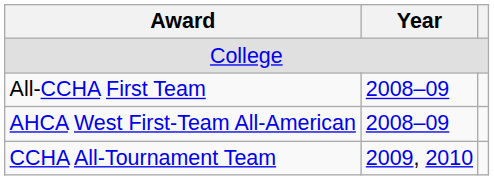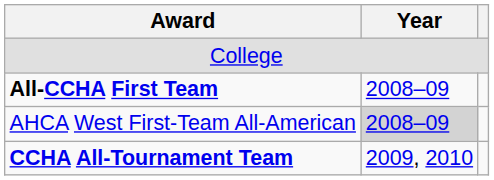 <table class="wikitable">
 <tr>
 <th>Award</th>
 <th>Year</th>
 <th></th>
 </tr>
 <tr ALIGN="center" bgcolor="#e0e0e0">
 <td colspan="3"><a href='#'>College</a></td>
 </tr>
 <tr>
-<td>All-<a href='#'>CCHA</a> <a href='#'>First Team</a></td>
+<td><strong>All-<a href='#'>CCHA</a> <a href='#'>First Team</a></strong></td>
 <td><a href='#'>2008–09</a></td>
 <td></td>
 </tr>
 <tr>
 <td><a href='#'>AHCA</a> <a href='#'>West First-Team All-American</a></td>
-<td><a href='#'>2008–09</a></td>
+<td style="background: lightgrey;"><a href='#'>2008–09</a></td>
 <td></td>
 </tr>
 <tr>
-<td><a href='#'>CCHA</a> <a href='#'>All-Tournament Team</a></td>
+<td><strong><a href='#'>CCHA</a> <a href='#'>All-Tournament Team</a></strong></td>
 <td><a href='#'>2009</a>, <a href='#'>2010</a></td>
 <td></td>
 </tr>
 </table>
